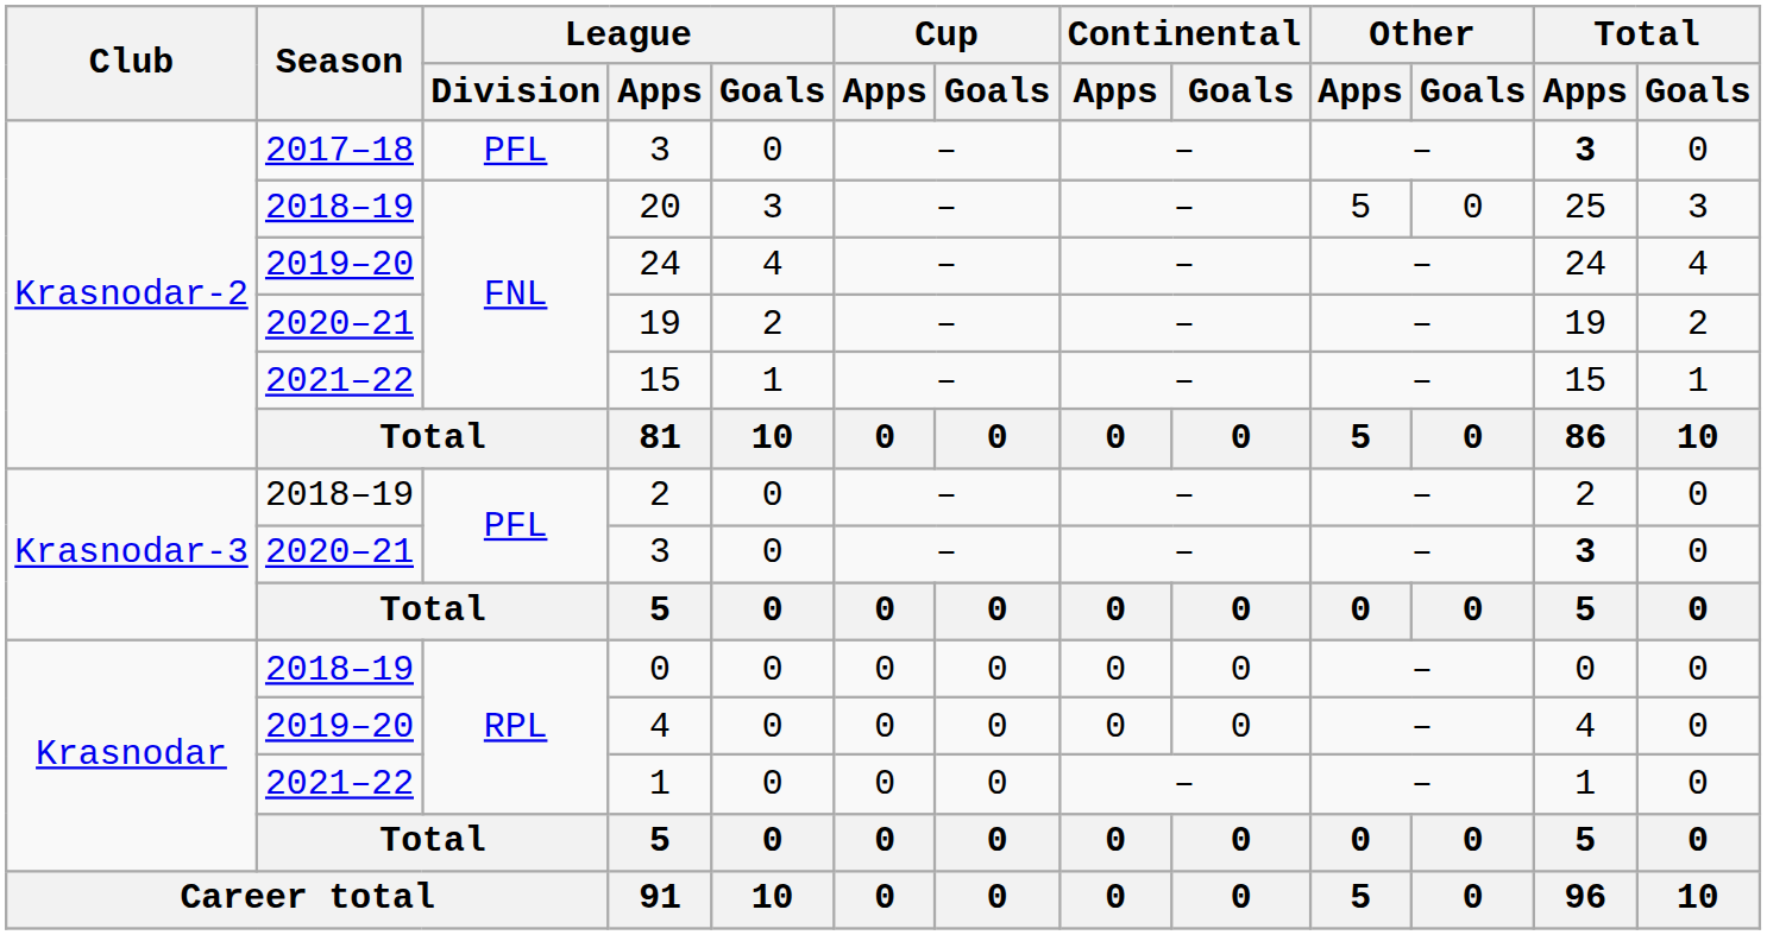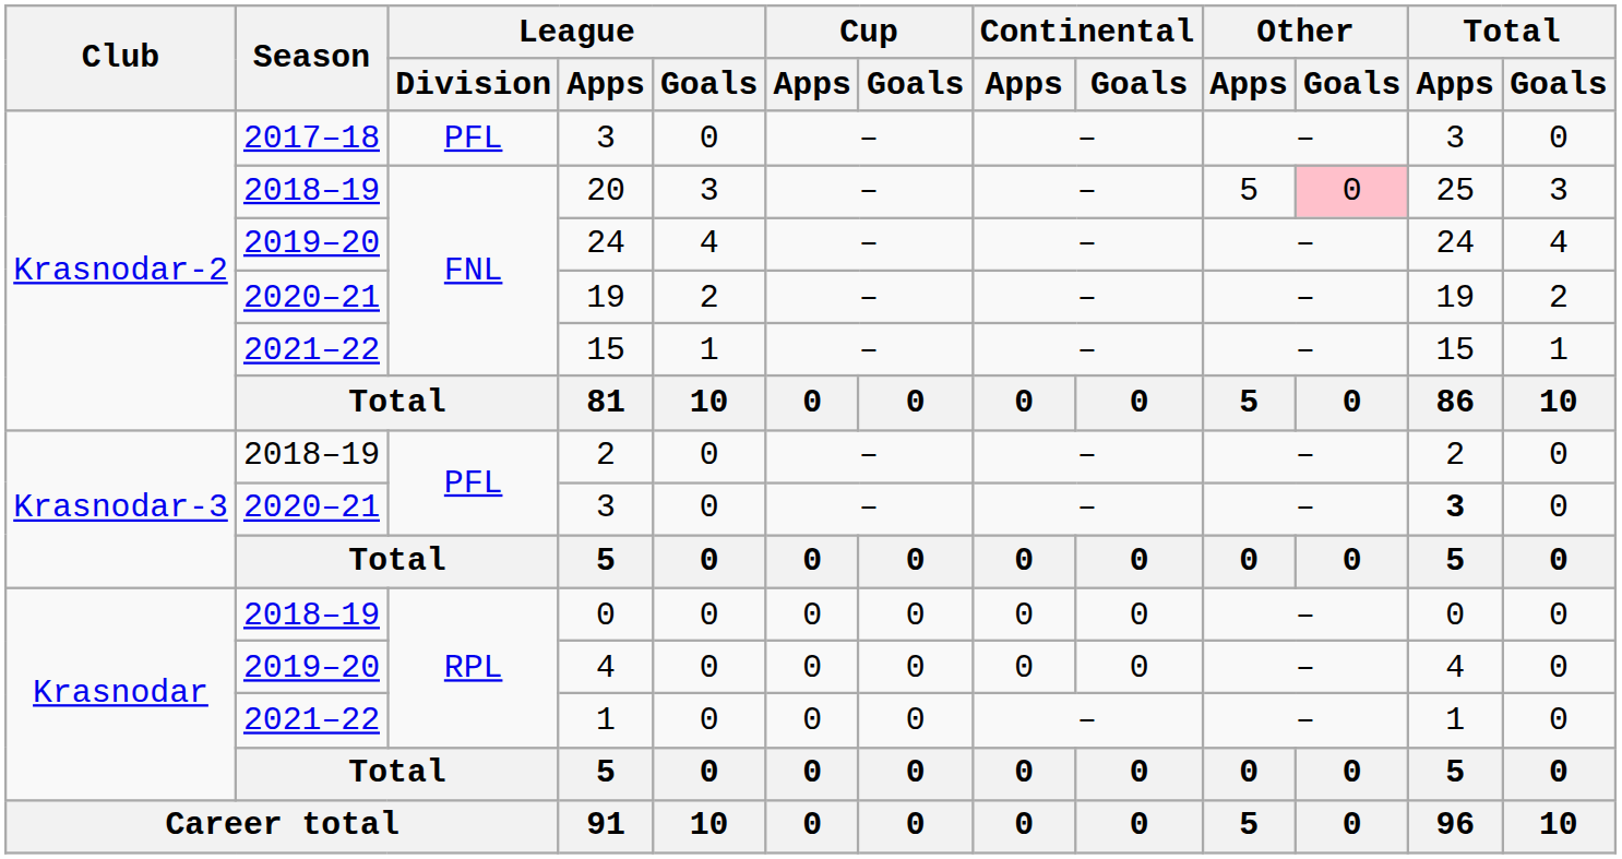 <table class="wikitable" style="text-align: center;">
 <tr>
 <th rowspan=2>Club</th>
 <th rowspan=2>Season</th>
 <th colspan=3>League</th>
 <th colspan=2>Cup</th>
 <th colspan=2>Continental</th>
 <th colspan=2>Other</th>
 <th colspan=2>Total</th>
 </tr>
 <tr>
 <th>Division</th>
 <th>Apps</th>
 <th>Goals</th>
 <th>Apps</th>
 <th>Goals</th>
 <th>Apps</th>
 <th>Goals</th>
 <th>Apps</th>
 <th>Goals</th>
 <th>Apps</th>
 <th>Goals</th>
 </tr>
 <tr>
 <td rowspan="6"><a href='#'>Krasnodar-2</a></td>
 <td><a href='#'>2017–18</a></td>
 <td><a href='#'>PFL</a></td>
 <td>3</td>
 <td>0</td>
 <td colspan=2>–</td>
 <td colspan=2>–</td>
 <td colspan=2>–</td>
-<td><strong>3</strong></td>
+<td>3</td>
 <td>0</td>
 </tr>
 <tr>
 <td><a href='#'>2018–19</a></td>
 <td rowspan="4"><a href='#'>FNL</a></td>
 <td>20</td>
 <td>3</td>
 <td colspan=2>–</td>
 <td colspan=2>–</td>
 <td>5</td>
-<td>0</td>
+<td style="background: pink;">0</td>
 <td>25</td>
 <td>3</td>
 </tr>
 <tr>
 <td><a href='#'>2019–20</a></td>
 <td>24</td>
 <td>4</td>
 <td colspan=2>–</td>
 <td colspan=2>–</td>
 <td colspan=2>–</td>
 <td>24</td>
 <td>4</td>
 </tr>
 <tr>
 <td><a href='#'>2020–21</a></td>
 <td>19</td>
 <td>2</td>
 <td colspan=2>–</td>
 <td colspan=2>–</td>
 <td colspan=2>–</td>
 <td>19</td>
 <td>2</td>
 </tr>
 <tr>
 <td><a href='#'>2021–22</a></td>
 <td>15</td>
 <td>1</td>
 <td colspan=2>–</td>
 <td colspan=2>–</td>
 <td colspan=2>–</td>
 <td>15</td>
 <td>1</td>
 </tr>
 <tr>
 <th colspan=2>Total</th>
 <th>81</th>
 <th>10</th>
 <th>0</th>
 <th>0</th>
 <th>0</th>
 <th>0</th>
 <th>5</th>
 <th>0</th>
 <th>86</th>
 <th>10</th>
 </tr>
 <tr>
 <td rowspan="3"><a href='#'>Krasnodar-3</a></td>
 <td>2018–19</td>
 <td rowspan="2"><a href='#'>PFL</a></td>
 <td>2</td>
 <td>0</td>
 <td colspan=2>–</td>
 <td colspan=2>–</td>
 <td colspan=2>–</td>
 <td>2</td>
 <td>0</td>
 </tr>
 <tr>
 <td><a href='#'>2020–21</a></td>
 <td>3</td>
 <td>0</td>
 <td colspan=2>–</td>
 <td colspan=2>–</td>
 <td colspan=2>–</td>
 <td><strong>3</strong></td>
 <td>0</td>
 </tr>
 <tr>
 <th colspan=2>Total</th>
 <th>5</th>
 <th>0</th>
 <th>0</th>
 <th>0</th>
 <th>0</th>
 <th>0</th>
 <th>0</th>
 <th>0</th>
 <th>5</th>
 <th>0</th>
 </tr>
 <tr>
 <td rowspan="4"><a href='#'>Krasnodar</a></td>
 <td><a href='#'>2018–19</a></td>
 <td rowspan="3"><a href='#'>RPL</a></td>
 <td>0</td>
 <td>0</td>
 <td>0</td>
 <td>0</td>
 <td>0</td>
 <td>0</td>
 <td colspan=2>–</td>
 <td>0</td>
 <td>0</td>
 </tr>
 <tr>
 <td><a href='#'>2019–20</a></td>
 <td>4</td>
 <td>0</td>
 <td>0</td>
 <td>0</td>
 <td>0</td>
 <td>0</td>
 <td colspan=2>–</td>
 <td>4</td>
 <td>0</td>
 </tr>
 <tr>
 <td><a href='#'>2021–22</a></td>
 <td>1</td>
 <td>0</td>
 <td>0</td>
 <td>0</td>
 <td colspan=2>–</td>
 <td colspan=2>–</td>
 <td>1</td>
 <td>0</td>
 </tr>
 <tr>
 <th colspan=2>Total</th>
 <th>5</th>
 <th>0</th>
 <th>0</th>
 <th>0</th>
 <th>0</th>
 <th>0</th>
 <th>0</th>
 <th>0</th>
 <th>5</th>
 <th>0</th>
 </tr>
 <tr>
 <th colspan=3>Career total</th>
 <th>91</th>
 <th>10</th>
 <th>0</th>
 <th>0</th>
 <th>0</th>
 <th>0</th>
 <th>5</th>
 <th>0</th>
 <th>96</th>
 <th>10</th>
 </tr>
 </table>
